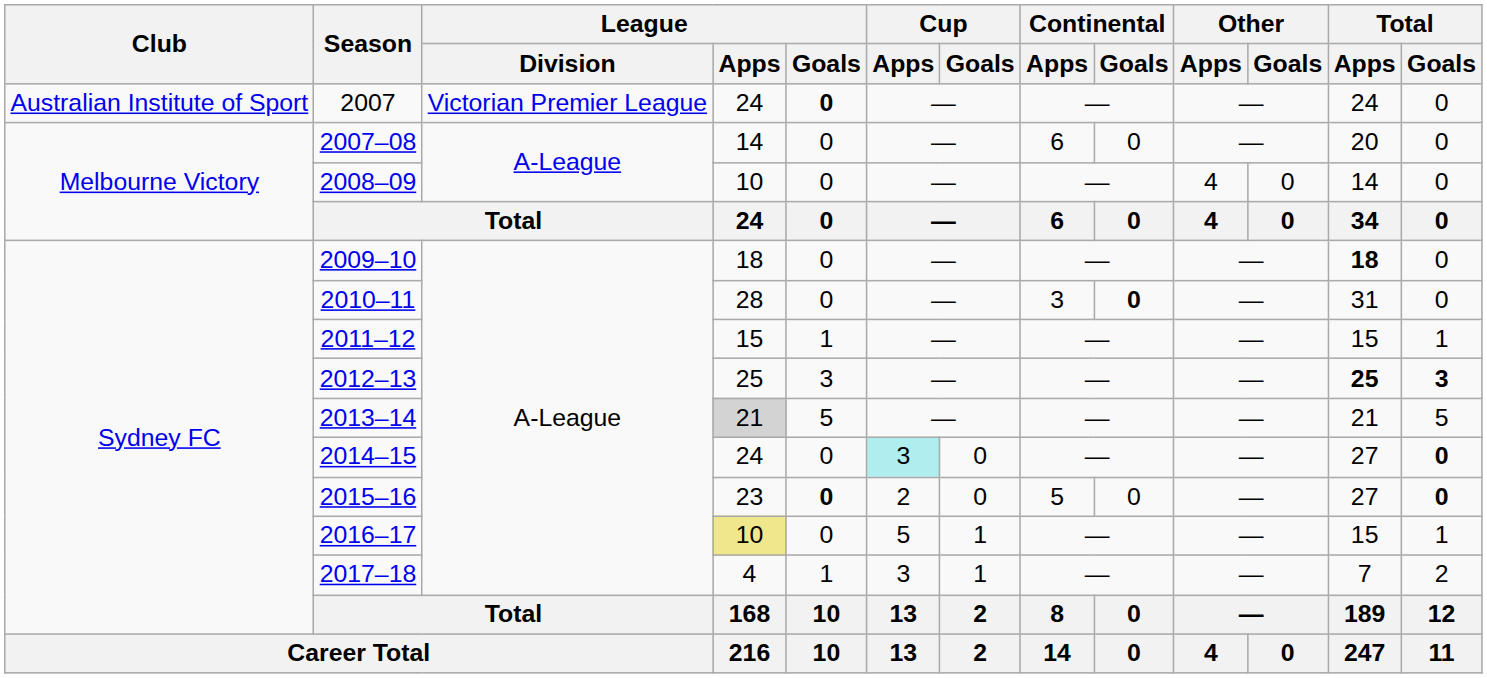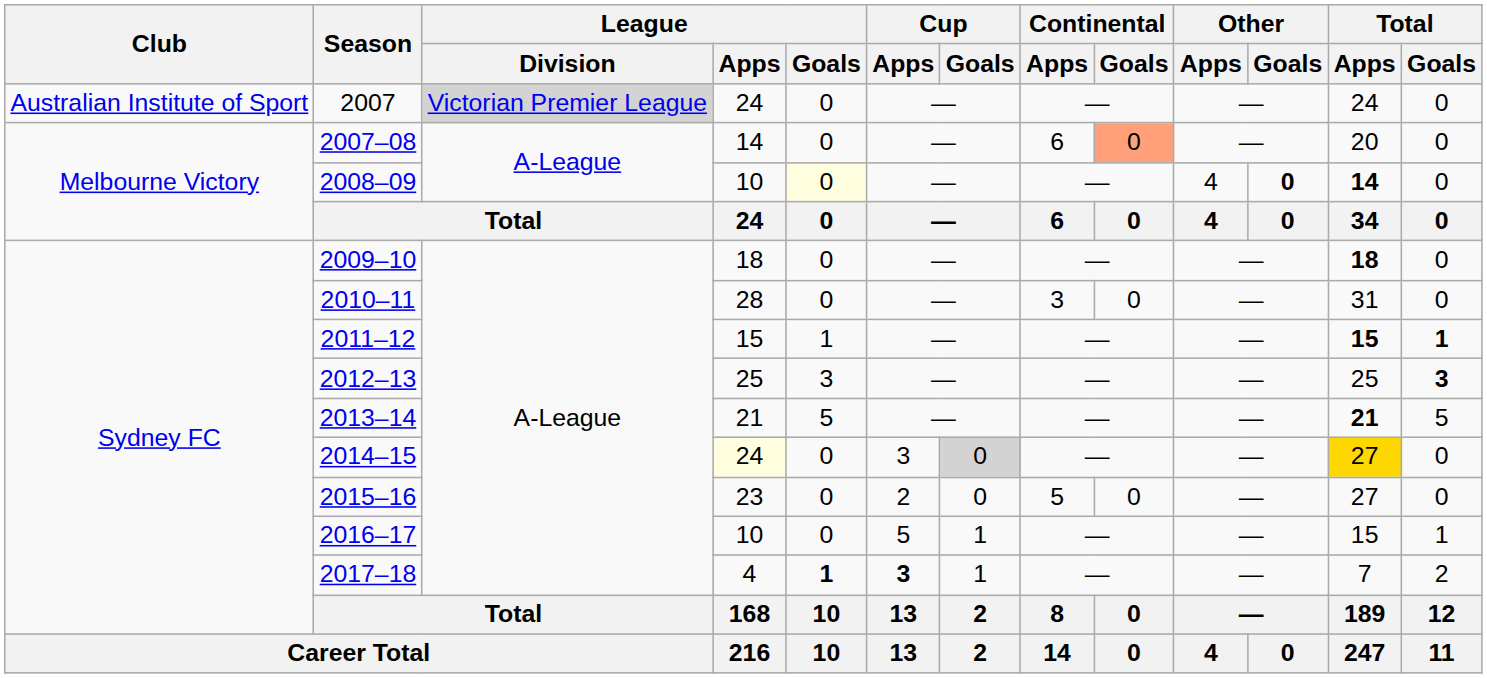 <table class="wikitable" style="text-align:center">
 <tr>
 <th rowspan="2">Club</th>
 <th rowspan="2">Season</th>
 <th colspan="3">League</th>
 <th colspan="2">Cup</th>
 <th colspan="2">Continental</th>
 <th colspan="2">Other</th>
 <th colspan="2">Total</th>
 </tr>
 <tr>
 <th>Division</th>
 <th>Apps</th>
 <th>Goals</th>
 <th>Apps</th>
 <th>Goals</th>
 <th>Apps</th>
 <th>Goals</th>
 <th>Apps</th>
 <th>Goals</th>
 <th>Apps</th>
 <th>Goals</th>
 </tr>
 <tr>
 <td><a href='#'>Australian Institute of Sport</a></td>
 <td>2007</td>
-<td><a href='#'>Victorian Premier League</a></td>
+<td style="background: lightgrey;"><a href='#'>Victorian Premier League</a></td>
 <td>24</td>
-<td><strong>0</strong></td>
+<td>0</td>
 <td colspan="2">—</td>
 <td colspan="2">—</td>
 <td colspan="2">—</td>
 <td>24</td>
 <td>0</td>
 </tr>
 <tr>
 <td rowspan="3"><a href='#'>Melbourne Victory</a></td>
 <td><a href='#'>2007–08</a></td>
 <td rowspan="2"><a href='#'>A-League</a></td>
 <td>14</td>
 <td>0</td>
 <td colspan="2">—</td>
 <td>6</td>
-<td>0</td>
+<td style="background: lightsalmon;">0</td>
 <td colspan="2">—</td>
 <td>20</td>
 <td>0</td>
 </tr>
 <tr>
 <td><a href='#'>2008–09</a></td>
 <td>10</td>
-<td>0</td>
+<td style="background: lightyellow;">0</td>
 <td colspan="2">—</td>
 <td colspan="2">—</td>
 <td>4</td>
-<td>0</td>
-<td>14</td>
+<td><strong>0</strong></td>
+<td><strong>14</strong></td>
 <td>0</td>
 </tr>
 <tr>
 <th colspan="2">Total</th>
 <th>24</th>
 <th>0</th>
 <th colspan="2">—</th>
 <th>6</th>
 <th>0</th>
 <th>4</th>
 <th>0</th>
 <th>34</th>
 <th>0</th>
 </tr>
 <tr>
 <td rowspan="10"><a href='#'>Sydney FC</a></td>
 <td><a href='#'>2009–10</a></td>
 <td rowspan="9">A-League</td>
 <td>18</td>
 <td>0</td>
 <td colspan="2">—</td>
 <td colspan="2">—</td>
 <td colspan="2">—</td>
 <td><strong>18</strong></td>
 <td>0</td>
 </tr>
 <tr>
 <td><a href='#'>2010–11</a></td>
 <td>28</td>
 <td>0</td>
 <td colspan="2">—</td>
 <td>3</td>
-<td><strong>0</strong></td>
+<td>0</td>
 <td colspan="2">—</td>
 <td>31</td>
 <td>0</td>
 </tr>
 <tr>
 <td><a href='#'>2011–12</a></td>
 <td>15</td>
 <td>1</td>
 <td colspan="2">—</td>
 <td colspan="2">—</td>
 <td colspan="2">—</td>
-<td>15</td>
-<td>1</td>
+<td><strong>15</strong></td>
+<td><strong>1</strong></td>
 </tr>
 <tr>
 <td><a href='#'>2012–13</a></td>
 <td>25</td>
 <td>3</td>
 <td colspan="2">—</td>
 <td colspan="2">—</td>
 <td colspan="2">—</td>
-<td><strong>25</strong></td>
+<td>25</td>
 <td><strong>3</strong></td>
 </tr>
 <tr>
 <td><a href='#'>2013–14</a></td>
-<td style="background: lightgrey;">21</td>
+<td>21</td>
 <td>5</td>
 <td colspan="2">—</td>
 <td colspan="2">—</td>
 <td colspan="2">—</td>
-<td>21</td>
+<td><strong>21</strong></td>
 <td>5</td>
 </tr>
 <tr>
 <td><a href='#'>2014–15</a></td>
-<td>24</td>
+<td style="background: lightyellow;">24</td>
 <td>0</td>
-<td style="background: paleturquoise;">3</td>
-<td>0</td>
+<td>3</td>
+<td style="background: lightgrey;">0</td>
 <td colspan="2">—</td>
 <td colspan="2">—</td>
-<td>27</td>
-<td><strong>0</strong></td>
+<td style="background: gold;">27</td>
+<td>0</td>
 </tr>
 <tr>
 <td><a href='#'>2015–16</a></td>
 <td>23</td>
-<td><strong>0</strong></td>
+<td>0</td>
 <td>2</td>
 <td>0</td>
 <td>5</td>
 <td>0</td>
 <td colspan="2">—</td>
 <td>27</td>
-<td><strong>0</strong></td>
+<td>0</td>
 </tr>
 <tr>
 <td><a href='#'>2016–17</a></td>
-<td style="background: khaki;">10</td>
+<td>10</td>
 <td>0</td>
 <td>5</td>
 <td>1</td>
 <td colspan="2">—</td>
 <td colspan="2">—</td>
 <td>15</td>
 <td>1</td>
 </tr>
 <tr>
 <td><a href='#'>2017–18</a></td>
 <td>4</td>
-<td>1</td>
-<td>3</td>
+<td><strong>1</strong></td>
+<td><strong>3</strong></td>
 <td>1</td>
 <td colspan="2">—</td>
 <td colspan="2">—</td>
 <td>7</td>
 <td>2</td>
 </tr>
 <tr>
 <th colspan="2">Total</th>
 <th>168</th>
 <th>10</th>
 <th>13</th>
 <th>2</th>
 <th>8</th>
 <th>0</th>
 <th colspan="2">—</th>
 <th>189</th>
 <th>12</th>
 </tr>
 <tr>
 <th colspan="3">Career Total</th>
 <th>216</th>
 <th>10</th>
 <th>13</th>
 <th>2</th>
 <th>14</th>
 <th>0</th>
 <th>4</th>
 <th>0</th>
 <th>247</th>
 <th>11</th>
 </tr>
 </table>
